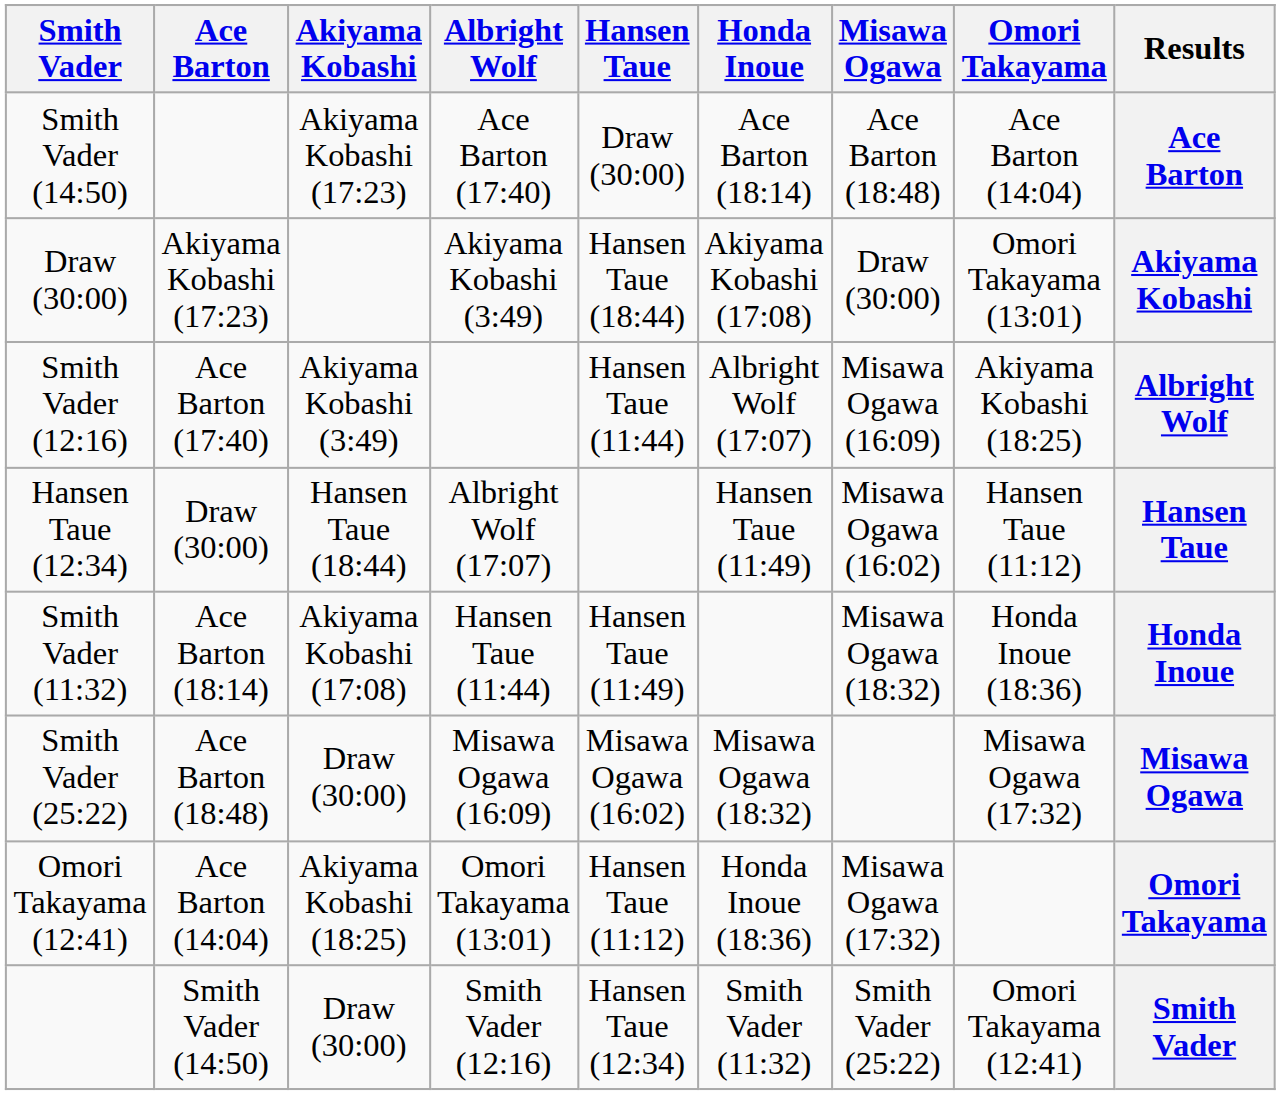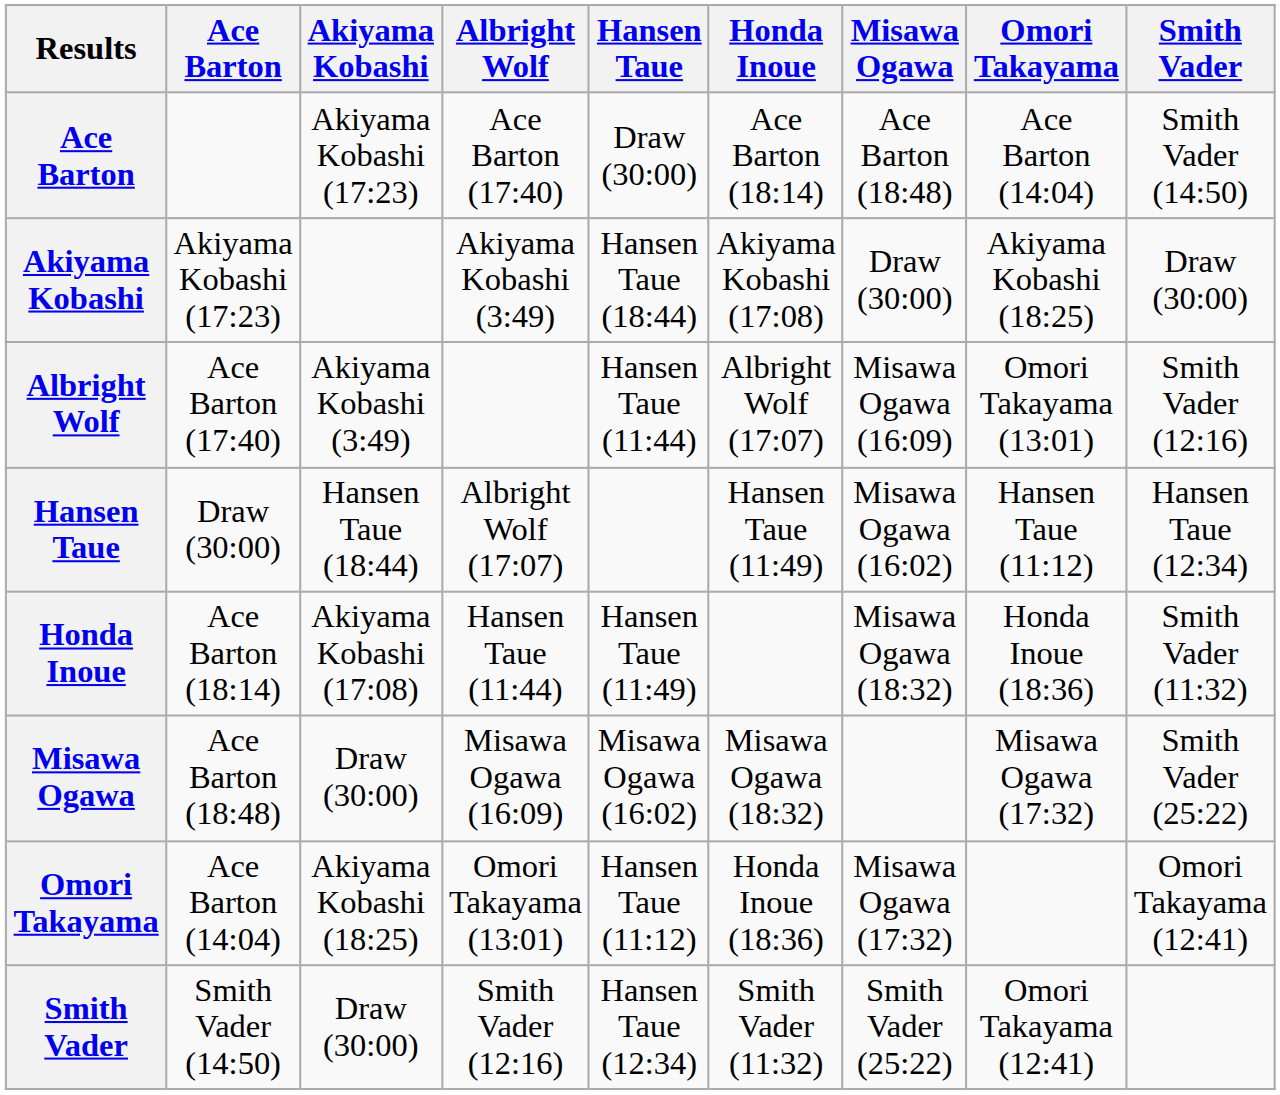 <table class="wikitable" style="text-align:center; margin: 1em auto 1em auto">
 <tr>
-<th><a href='#'>Smith</a><br><a href='#'>Vader</a></th>
+<th>Results</th>
 <th><a href='#'>Ace</a><br><a href='#'>Barton</a></th>
 <th><a href='#'>Akiyama</a><br><a href='#'>Kobashi</a></th>
 <th><a href='#'>Albright</a><br><a href='#'>Wolf</a></th>
 <th><a href='#'>Hansen</a><br><a href='#'>Taue</a></th>
 <th><a href='#'>Honda</a><br><a href='#'>Inoue</a></th>
 <th><a href='#'>Misawa</a><br><a href='#'>Ogawa</a></th>
 <th><a href='#'>Omori</a><br><a href='#'>Takayama</a></th>
-<th>Results</th>
+<th><a href='#'>Smith</a><br><a href='#'>Vader</a></th>
 </tr>
 <tr>
-<td>Smith<br>Vader<br>(14:50)</td>
+<th><a href='#'>Ace</a><br><a href='#'>Barton</a></th>
 <td></td>
 <td>Akiyama<br>Kobashi<br>(17:23)</td>
 <td>Ace<br>Barton<br>(17:40)</td>
 <td>Draw<br>(30:00)</td>
 <td>Ace<br>Barton<br>(18:14)</td>
 <td>Ace<br>Barton<br>(18:48)</td>
 <td>Ace<br>Barton<br>(14:04)</td>
-<th><a href='#'>Ace</a><br><a href='#'>Barton</a></th>
+<td>Smith<br>Vader<br>(14:50)</td>
 </tr>
 <tr>
-<td>Draw<br>(30:00)</td>
+<th><a href='#'>Akiyama</a><br><a href='#'>Kobashi</a></th>
 <td>Akiyama<br>Kobashi<br>(17:23)</td>
 <td></td>
 <td>Akiyama<br>Kobashi<br>(3:49)</td>
 <td>Hansen<br>Taue<br>(18:44)</td>
 <td>Akiyama<br>Kobashi<br>(17:08)</td>
 <td>Draw<br>(30:00)</td>
-<td>Omori<br>Takayama<br>(13:01)</td>
-<th><a href='#'>Akiyama</a><br><a href='#'>Kobashi</a></th>
+<td>Akiyama<br>Kobashi<br>(18:25)</td>
+<td>Draw<br>(30:00)</td>
 </tr>
 <tr>
-<td>Smith<br>Vader<br>(12:16)</td>
+<th><a href='#'>Albright</a><br><a href='#'>Wolf</a></th>
 <td>Ace<br>Barton<br>(17:40)</td>
 <td>Akiyama<br>Kobashi<br>(3:49)</td>
 <td></td>
 <td>Hansen<br>Taue<br>(11:44)</td>
 <td>Albright<br>Wolf<br>(17:07)</td>
 <td>Misawa<br>Ogawa<br>(16:09)</td>
-<td>Akiyama<br>Kobashi<br>(18:25)</td>
-<th><a href='#'>Albright</a><br><a href='#'>Wolf</a></th>
+<td>Omori<br>Takayama<br>(13:01)</td>
+<td>Smith<br>Vader<br>(12:16)</td>
 </tr>
 <tr>
-<td>Hansen<br>Taue<br>(12:34)</td>
+<th><a href='#'>Hansen</a><br><a href='#'>Taue</a></th>
 <td>Draw<br>(30:00)</td>
 <td>Hansen<br>Taue<br>(18:44)</td>
 <td>Albright<br>Wolf<br>(17:07)</td>
 <td></td>
 <td>Hansen<br>Taue<br>(11:49)</td>
 <td>Misawa<br>Ogawa<br>(16:02)</td>
 <td>Hansen<br>Taue<br>(11:12)</td>
-<th><a href='#'>Hansen</a><br><a href='#'>Taue</a></th>
+<td>Hansen<br>Taue<br>(12:34)</td>
 </tr>
 <tr>
-<td>Smith<br>Vader<br>(11:32)</td>
+<th><a href='#'>Honda</a><br><a href='#'>Inoue</a></th>
 <td>Ace<br>Barton<br>(18:14)</td>
 <td>Akiyama<br>Kobashi<br>(17:08)</td>
 <td>Hansen<br>Taue<br>(11:44)</td>
 <td>Hansen<br>Taue<br>(11:49)</td>
 <td></td>
 <td>Misawa<br>Ogawa<br>(18:32)</td>
 <td>Honda<br>Inoue<br>(18:36)</td>
-<th><a href='#'>Honda</a><br><a href='#'>Inoue</a></th>
+<td>Smith<br>Vader<br>(11:32)</td>
 </tr>
 <tr>
-<td>Smith<br>Vader<br>(25:22)</td>
+<th><a href='#'>Misawa</a><br><a href='#'>Ogawa</a></th>
 <td>Ace<br>Barton<br>(18:48)</td>
 <td>Draw<br>(30:00)</td>
 <td>Misawa<br>Ogawa<br>(16:09)</td>
 <td>Misawa<br>Ogawa<br>(16:02)</td>
 <td>Misawa<br>Ogawa<br>(18:32)</td>
 <td></td>
 <td>Misawa<br>Ogawa<br>(17:32)</td>
-<th><a href='#'>Misawa</a><br><a href='#'>Ogawa</a></th>
+<td>Smith<br>Vader<br>(25:22)</td>
 </tr>
 <tr>
-<td>Omori<br>Takayama<br>(12:41)</td>
+<th><a href='#'>Omori</a><br><a href='#'>Takayama</a></th>
 <td>Ace<br>Barton<br>(14:04)</td>
 <td>Akiyama<br>Kobashi<br>(18:25)</td>
 <td>Omori<br>Takayama<br>(13:01)</td>
 <td>Hansen<br>Taue<br>(11:12)</td>
 <td>Honda<br>Inoue<br>(18:36)</td>
 <td>Misawa<br>Ogawa<br>(17:32)</td>
 <td></td>
-<th><a href='#'>Omori</a><br><a href='#'>Takayama</a></th>
+<td>Omori<br>Takayama<br>(12:41)</td>
 </tr>
 <tr>
-<td></td>
+<th><a href='#'>Smith</a><br><a href='#'>Vader</a></th>
 <td>Smith<br>Vader<br>(14:50)</td>
 <td>Draw<br>(30:00)</td>
 <td>Smith<br>Vader<br>(12:16)</td>
 <td>Hansen<br>Taue<br>(12:34)</td>
 <td>Smith<br>Vader<br>(11:32)</td>
 <td>Smith<br>Vader<br>(25:22)</td>
 <td>Omori<br>Takayama<br>(12:41)</td>
-<th><a href='#'>Smith</a><br><a href='#'>Vader</a></th>
+<td></td>
 </tr>
 </table>
